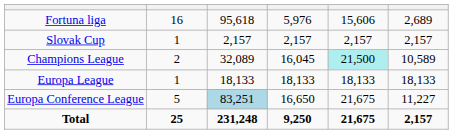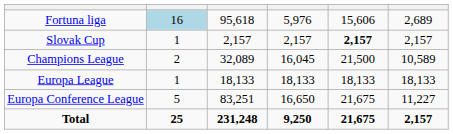 <table class="wikitable sortable" style="text-align: center;">
 <tr>
 <th></th>
 <th style="width:70px;"></th>
 <th style="width:70px;"></th>
 <th style="width:70px;"></th>
 <th style="width:70px;"></th>
 <th style="width:70px;"></th>
 </tr>
 <tr>
 <td><a href='#'>Fortuna liga</a></td>
-<td>16</td>
+<td style="background: lightblue;">16</td>
 <td>95,618</td>
 <td>5,976</td>
 <td>15,606</td>
 <td>2,689</td>
 </tr>
 <tr>
 <td><a href='#'>Slovak Cup</a></td>
 <td>1</td>
 <td>2,157</td>
 <td>2,157</td>
-<td>2,157</td>
+<td><strong>2,157</strong></td>
 <td>2,157</td>
 </tr>
 <tr>
 <td><a href='#'>Champions League</a></td>
 <td>2</td>
 <td>32,089</td>
 <td>16,045</td>
-<td style="background: paleturquoise;">21,500</td>
+<td>21,500</td>
 <td>10,589</td>
 </tr>
 <tr>
 <td><a href='#'>Europa League</a></td>
 <td>1</td>
 <td>18,133</td>
 <td>18,133</td>
 <td>18,133</td>
 <td>18,133</td>
 </tr>
 <tr>
 <td><a href='#'>Europa Conference League</a></td>
 <td>5</td>
-<td style="background: lightblue;">83,251</td>
+<td>83,251</td>
 <td>16,650</td>
 <td>21,675</td>
 <td>11,227</td>
 </tr>
 <tr>
 <td><strong>Total</strong></td>
 <td><strong>25</strong></td>
 <td><strong>231,248</strong></td>
 <td><strong>9,250</strong></td>
 <td><strong>21,675</strong></td>
 <td><strong>2,157</strong></td>
 </tr>
 </table>
